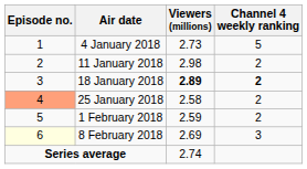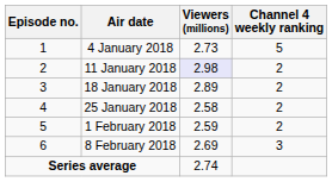 <table class="wikitable" style="text-align:center;">
 <tr>
 <th>Episode no.</th>
 <th>Air date</th>
 <th>Viewers<br><small>(millions)</small></th>
 <th>Channel 4<br>weekly ranking</th>
 </tr>
 <tr>
 <td>1</td>
 <td>4 January 2018</td>
 <td>2.73</td>
 <td>5</td>
 </tr>
 <tr>
 <td>2</td>
 <td>11 January 2018</td>
-<td>2.98</td>
+<td style="background: lavender;">2.98</td>
 <td>2</td>
 </tr>
 <tr>
 <td>3</td>
 <td>18 January 2018</td>
-<td><strong>2.89</strong></td>
-<td><strong>2</strong></td>
+<td>2.89</td>
+<td>2</td>
 </tr>
 <tr>
-<td style="background: lightsalmon;">4</td>
+<td>4</td>
 <td>25 January 2018</td>
 <td>2.58</td>
 <td>2</td>
 </tr>
 <tr>
 <td>5</td>
 <td>1 February 2018</td>
 <td>2.59</td>
 <td>2</td>
 </tr>
 <tr>
-<td style="background: lightyellow;">6</td>
+<td>6</td>
 <td>8 February 2018</td>
 <td>2.69</td>
 <td>3</td>
 </tr>
 <tr>
 <td colspan=2><strong>Series average</strong></td>
 <td>2.74</td>
 <td></td>
 </tr>
 </table>
